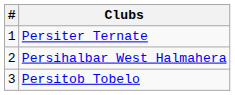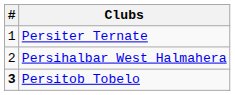 <table class="wikitable sortable">
 <tr>
 <th>#</th>
 <th>Clubs</th>
 </tr>
 <tr>
 <td>1</td>
 <td><a href='#'>Persiter Ternate</a></td>
 </tr>
 <tr>
 <td>2</td>
 <td><a href='#'>Persihalbar West Halmahera</a></td>
 </tr>
 <tr>
-<td>3</td>
+<td><strong>3</strong></td>
 <td><a href='#'>Persitob Tobelo</a></td>
 </tr>
 </table>
